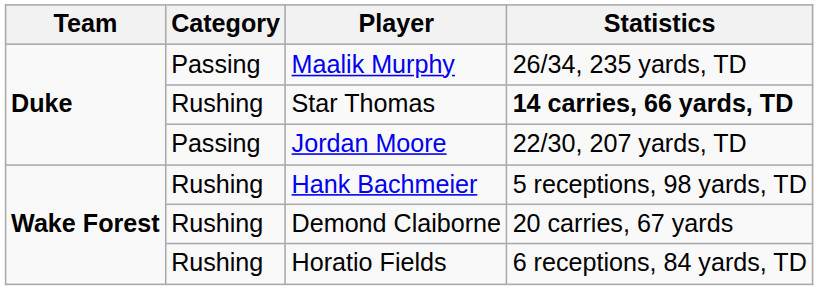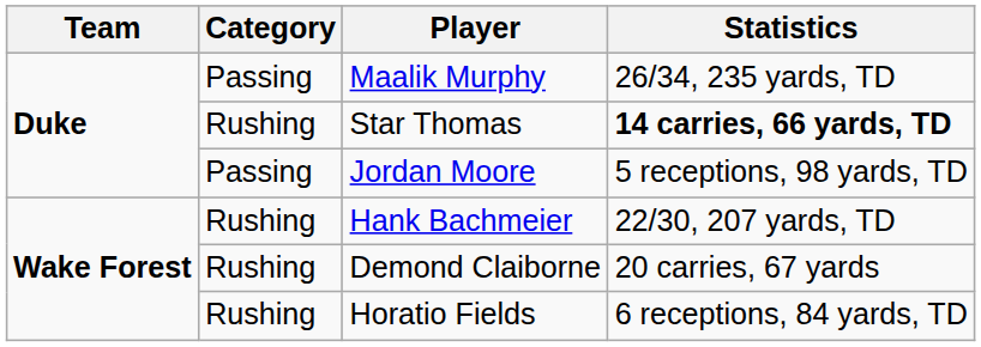 <table class="wikitable" style="float: right;">
 <tr>
 <th>Team</th>
 <th>Category</th>
 <th>Player</th>
 <th>Statistics</th>
 </tr>
 <tr>
 <td rowspan="3"><strong>Duke</strong></td>
 <td>Passing</td>
 <td><a href='#'>Maalik Murphy</a></td>
 <td>26/34, 235 yards, TD</td>
 </tr>
 <tr>
 <td>Rushing</td>
 <td>Star Thomas</td>
 <td><strong>14 carries, 66 yards, TD</strong></td>
 </tr>
 <tr>
 <td>Passing</td>
 <td><a href='#'>Jordan Moore</a></td>
-<td>22/30, 207 yards, TD</td>
+<td>5 receptions, 98 yards, TD</td>
 </tr>
 <tr>
 <td rowspan="3"><strong>Wake Forest</strong></td>
 <td>Rushing</td>
 <td><a href='#'>Hank Bachmeier</a></td>
-<td>5 receptions, 98 yards, TD</td>
+<td>22/30, 207 yards, TD</td>
 </tr>
 <tr>
 <td>Rushing</td>
 <td>Demond Claiborne</td>
 <td>20 carries, 67 yards</td>
 </tr>
 <tr>
 <td>Rushing</td>
 <td>Horatio Fields</td>
 <td>6 receptions, 84 yards, TD</td>
 </tr>
 </table>
